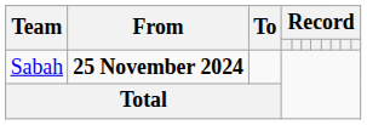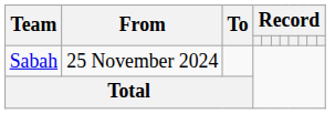 <table class=wikitable style="text-align: center">
 <tr>
 <th rowspan=2>Team</th>
 <th rowspan=2>From</th>
 <th rowspan=2>To</th>
 <th colspan=8>Record</th>
 </tr>
 <tr>
 <th></th>
 <th></th>
 <th></th>
 <th></th>
 <th></th>
 <th></th>
 <th></th>
 <th></th>
 </tr>
 <tr>
 <td align=left><a href='#'>Sabah</a></td>
-<td align=left><strong>25 November 2024</strong></td>
+<td align=left>25 November 2024</td>
 <td align=left><br></td>
 </tr>
 <tr>
 <th colspan=3>Total<br></th>
 </tr>
 </table>
